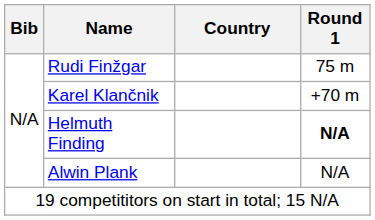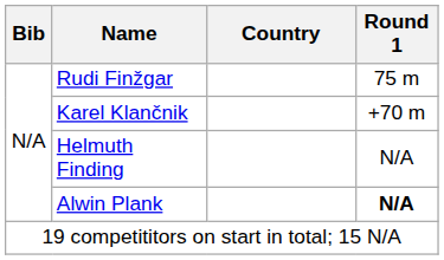 <table class="wikitable collapsible autocollapse sortable" cellpadding="3" cellspacing="0" border="1" style="background:#fff; font-size:86%; width:23%; line-height:16px; border:grey solid 1px; border-collapse:collapse;">
 <tr>
 <th width="25">Bib</th>
 <th width="110">Name</th>
 <th width="105">Country</th>
 <th width="50">Round 1</th>
 </tr>
 <tr>
 <td align=center rowspan=4>N/A</td>
 <td><a href='#'>Rudi Finžgar</a></td>
 <td></td>
 <td align=center>75 m</td>
 </tr>
 <tr>
 <td><a href='#'>Karel Klančnik</a></td>
 <td></td>
 <td align=center>+70 m</td>
 </tr>
 <tr>
 <td><a href='#'>Helmuth Finding</a></td>
 <td></td>
-<td align=center><strong>N/A</strong></td>
+<td align=center>N/A</td>
 </tr>
 <tr>
 <td><a href='#'>Alwin Plank</a></td>
 <td></td>
-<td align=center>N/A</td>
+<td align=center><strong>N/A</strong></td>
 </tr>
 <tr>
 <td colspan=4 align=center>19 competititors on start in total; 15 N/A</td>
 </tr>
 </table>
